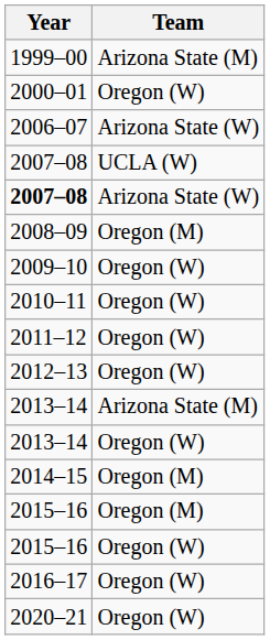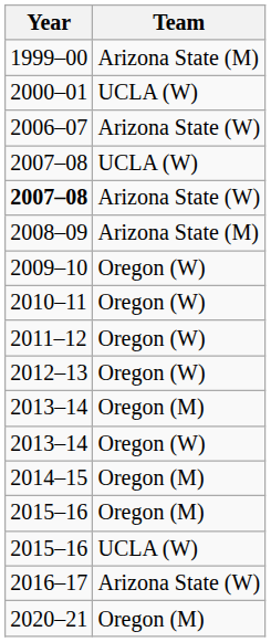 <table class="wikitable">
 <tr>
 <th>Year</th>
 <th>Team</th>
 </tr>
 <tr>
 <td>1999–00</td>
 <td>Arizona State (M)</td>
 </tr>
 <tr>
 <td>2000–01</td>
-<td>Oregon (W)</td>
+<td>UCLA (W)</td>
 </tr>
 <tr>
 <td>2006–07</td>
 <td>Arizona State (W)</td>
 </tr>
 <tr>
 <td>2007–08</td>
 <td>UCLA (W)</td>
 </tr>
 <tr>
 <td><strong>2007–08</strong></td>
 <td>Arizona State (W)</td>
 </tr>
 <tr>
 <td>2008–09</td>
-<td>Oregon (M)</td>
+<td>Arizona State (M)</td>
 </tr>
 <tr>
 <td>2009–10</td>
 <td>Oregon (W)</td>
 </tr>
 <tr>
 <td>2010–11</td>
 <td>Oregon (W)</td>
 </tr>
 <tr>
 <td>2011–12</td>
 <td>Oregon (W)</td>
 </tr>
 <tr>
 <td>2012–13</td>
 <td>Oregon (W)</td>
 </tr>
 <tr>
 <td>2013–14</td>
-<td>Arizona State (M)</td>
+<td>Oregon (M)</td>
 </tr>
 <tr>
 <td>2013–14</td>
 <td>Oregon (W)</td>
 </tr>
 <tr>
 <td>2014–15</td>
 <td>Oregon (M)</td>
 </tr>
 <tr>
 <td>2015–16</td>
 <td>Oregon (M)</td>
 </tr>
 <tr>
 <td>2015–16</td>
-<td>Oregon (W)</td>
+<td>UCLA (W)</td>
 </tr>
 <tr>
 <td>2016–17</td>
-<td>Oregon (W)</td>
+<td>Arizona State (W)</td>
 </tr>
 <tr>
 <td>2020–21</td>
-<td>Oregon (W)</td>
+<td>Oregon (M)</td>
 </tr>
 </table>
